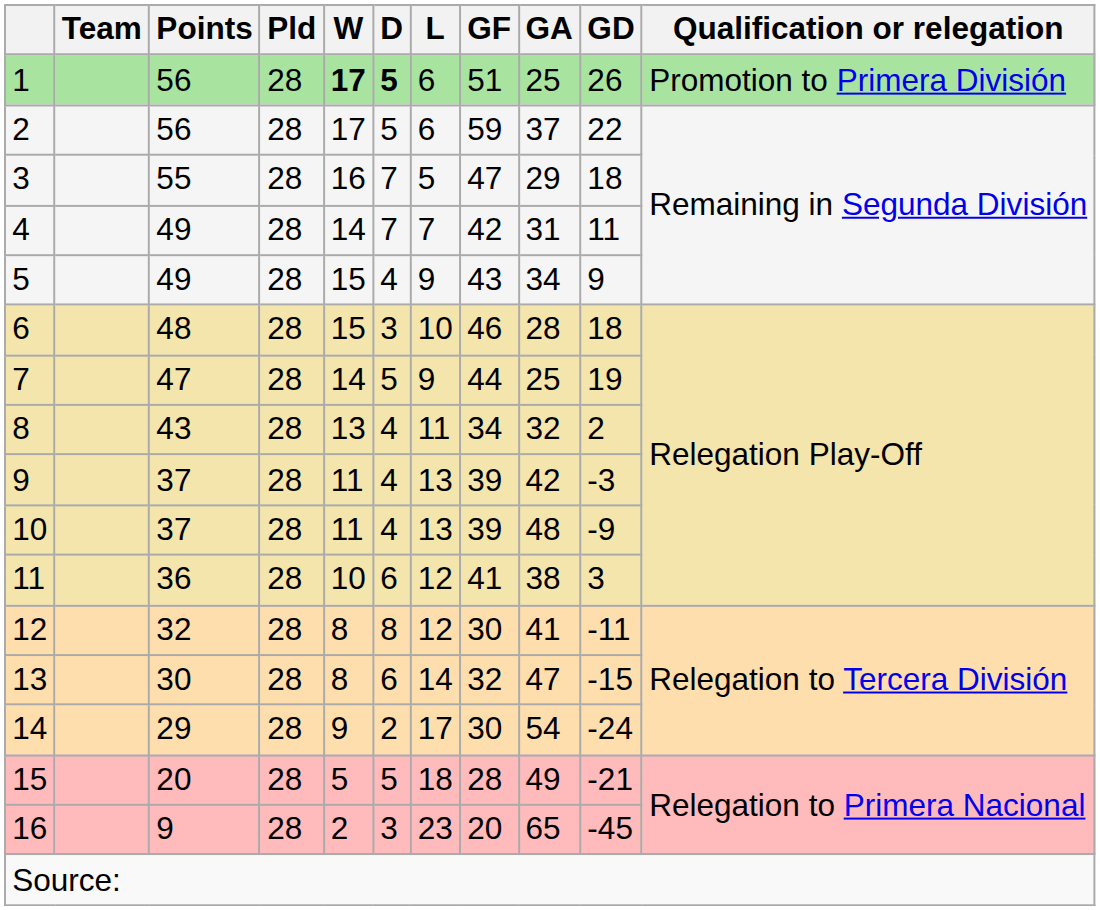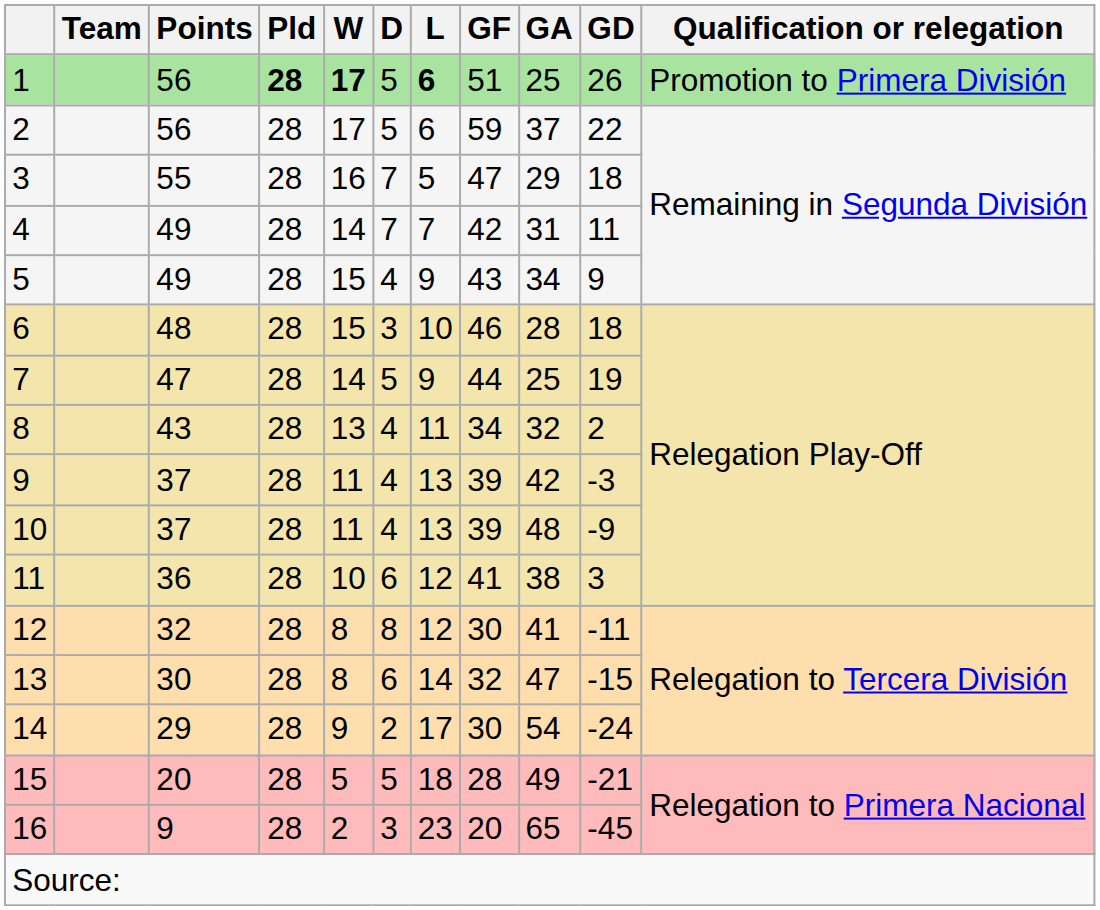 <table class="wikitable sortable col2izq" style="text-align: left; font-size: 100%">
 <tr>
 <th></th>
 <th>Team</th>
 <th>Points</th>
 <th>Pld</th>
 <th>W</th>
 <th>D</th>
 <th>L</th>
 <th>GF</th>
 <th>GA</th>
 <th>GD</th>
 <th>Qualification or relegation</th>
 </tr>
 <tr style="background:#A8E4A0;">
 <td>1</td>
 <td></td>
 <td>56</td>
-<td>28</td>
+<td><strong>28</strong></td>
 <td><strong>17</strong></td>
-<td><strong>5</strong></td>
-<td>6</td>
+<td>5</td>
+<td><strong>6</strong></td>
 <td>51</td>
 <td>25</td>
 <td>26</td>
 <td>Promotion to <a href='#'>Primera División</a></td>
 </tr>
 <tr style="background:#F5F5F5;">
 <td>2</td>
 <td></td>
 <td>56</td>
 <td>28</td>
 <td>17</td>
 <td>5</td>
 <td>6</td>
 <td>59</td>
 <td>37</td>
 <td>22</td>
 <td rowspan=4>Remaining in <a href='#'>Segunda División</a></td>
 </tr>
 <tr style="background:#F5F5F5;">
 <td>3</td>
 <td></td>
 <td>55</td>
 <td>28</td>
 <td>16</td>
 <td>7</td>
 <td>5</td>
 <td>47</td>
 <td>29</td>
 <td>18</td>
 </tr>
 <tr style="background:#F5F5F5;">
 <td>4</td>
 <td></td>
 <td>49</td>
 <td>28</td>
 <td>14</td>
 <td>7</td>
 <td>7</td>
 <td>42</td>
 <td>31</td>
 <td>11</td>
 </tr>
 <tr style="background:#F5F5F5;">
 <td>5</td>
 <td></td>
 <td>49</td>
 <td>28</td>
 <td>15</td>
 <td>4</td>
 <td>9</td>
 <td>43</td>
 <td>34</td>
 <td>9</td>
 </tr>
 <tr style="background:#F3E5AB;">
 <td>6</td>
 <td></td>
 <td>48</td>
 <td>28</td>
 <td>15</td>
 <td>3</td>
 <td>10</td>
 <td>46</td>
 <td>28</td>
 <td>18</td>
 <td rowspan=6>Relegation Play-Off</td>
 </tr>
 <tr style="background:#F3E5AB;">
 <td>7</td>
 <td></td>
 <td>47</td>
 <td>28</td>
 <td>14</td>
 <td>5</td>
 <td>9</td>
 <td>44</td>
 <td>25</td>
 <td>19</td>
 </tr>
 <tr style="background:#F3E5AB;">
 <td>8</td>
 <td></td>
 <td>43</td>
 <td>28</td>
 <td>13</td>
 <td>4</td>
 <td>11</td>
 <td>34</td>
 <td>32</td>
 <td>2</td>
 </tr>
 <tr style="background:#F3E5AB;">
 <td>9</td>
 <td></td>
 <td>37</td>
 <td>28</td>
 <td>11</td>
 <td>4</td>
 <td>13</td>
 <td>39</td>
 <td>42</td>
 <td>-3</td>
 </tr>
 <tr style="background:#F3E5AB;">
 <td>10</td>
 <td></td>
 <td>37</td>
 <td>28</td>
 <td>11</td>
 <td>4</td>
 <td>13</td>
 <td>39</td>
 <td>48</td>
 <td>-9</td>
 </tr>
 <tr style="background:#F3E5AB;">
 <td>11</td>
 <td></td>
 <td>36</td>
 <td>28</td>
 <td>10</td>
 <td>6</td>
 <td>12</td>
 <td>41</td>
 <td>38</td>
 <td>3</td>
 </tr>
 <tr style="background:#FFDEAD;">
 <td>12</td>
 <td></td>
 <td>32</td>
 <td>28</td>
 <td>8</td>
 <td>8</td>
 <td>12</td>
 <td>30</td>
 <td>41</td>
 <td>-11</td>
 <td rowspan=3>Relegation to <a href='#'>Tercera División</a></td>
 </tr>
 <tr style="background:#FFDEAD;">
 <td>13</td>
 <td></td>
 <td>30</td>
 <td>28</td>
 <td>8</td>
 <td>6</td>
 <td>14</td>
 <td>32</td>
 <td>47</td>
 <td>-15</td>
 </tr>
 <tr style="background:#FFDEAD;">
 <td>14</td>
 <td></td>
 <td>29</td>
 <td>28</td>
 <td>9</td>
 <td>2</td>
 <td>17</td>
 <td>30</td>
 <td>54</td>
 <td>-24</td>
 </tr>
 <tr style="background:#FFBBBB;">
 <td>15</td>
 <td></td>
 <td>20</td>
 <td>28</td>
 <td>5</td>
 <td>5</td>
 <td>18</td>
 <td>28</td>
 <td>49</td>
 <td>-21</td>
 <td rowspan=2>Relegation to <a href='#'>Primera Nacional</a></td>
 </tr>
 <tr style="background:#FFBBBB;">
 <td>16</td>
 <td></td>
 <td>9</td>
 <td>28</td>
 <td>2</td>
 <td>3</td>
 <td>23</td>
 <td>20</td>
 <td>65</td>
 <td>-45</td>
 </tr>
 <tr class="sortbottom" style="text-align: left">
 <td colspan="11">Source: </td>
 </tr>
 </table>
